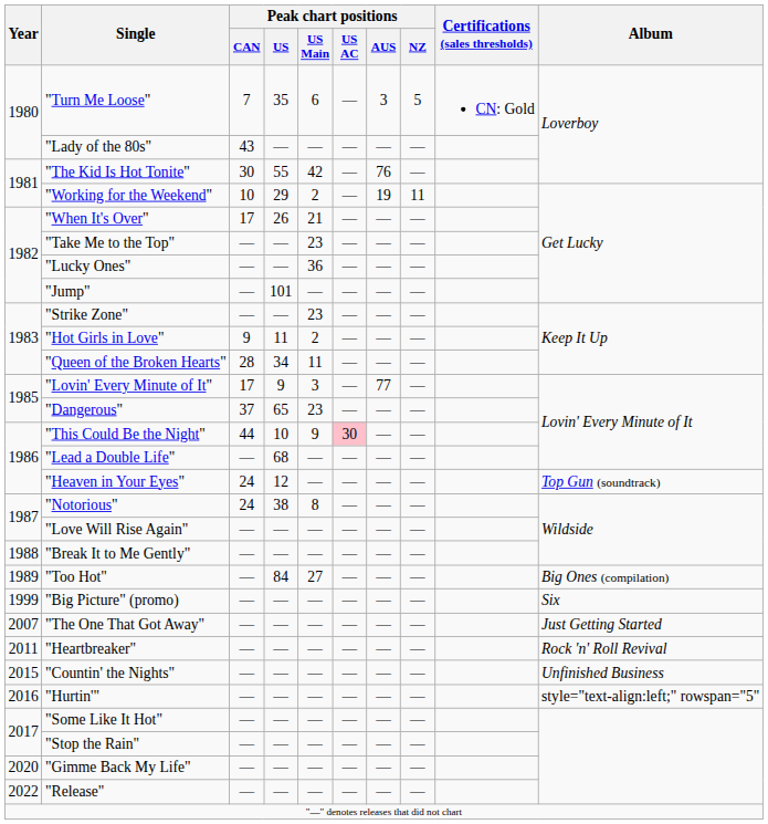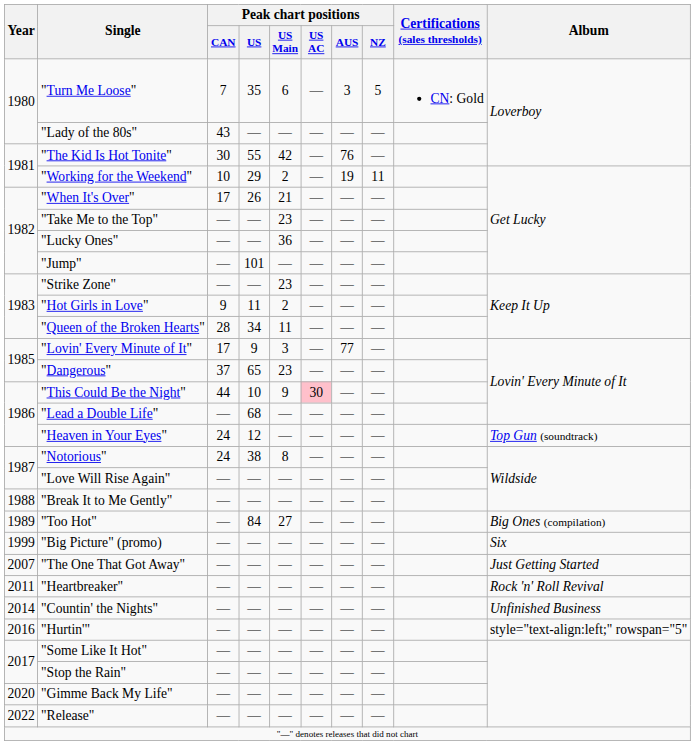 <table class="wikitable" style="text-align:center;">
 <tr>
 <th rowspan="2">Year</th>
 <th rowspan="2">Single</th>
 <th colspan="6">Peak chart positions</th>
 <th rowspan="2"><a href='#'>Certifications</a><br><small><a href='#'>(sales thresholds)</a></small></th>
 <th rowspan="2">Album</th>
 </tr>
 <tr style="font-size:smaller;">
 <th style="width:30px;"><a href='#'>CAN</a><br></th>
 <th style="width:30px;"><a href='#'>US</a><br></th>
 <th style="width:30px;"><a href='#'>US Main</a><br></th>
 <th style="width:30px;"><a href='#'>US AC</a><br></th>
 <th style="width:30px;"><a href='#'>AUS</a><br></th>
 <th style="width:30px;"><a href='#'>NZ</a><br></th>
 </tr>
 <tr>
 <td rowspan=2>1980</td>
 <td style="text-align:left;">"<a href='#'>Turn Me Loose</a>"</td>
 <td>7</td>
 <td>35</td>
 <td>6</td>
 <td>—</td>
 <td>3</td>
 <td>5</td>
 <td><br><ul><li><a href='#'>CN</a>: Gold</li></ul></td>
 <td style="text-align:left;" rowspan="3"><em>Loverboy</em></td>
 </tr>
 <tr>
 <td style="text-align:left;">"Lady of the 80s"</td>
 <td>43</td>
 <td>—</td>
 <td>—</td>
 <td>—</td>
 <td>—</td>
 <td>—</td>
 <td></td>
 </tr>
 <tr>
 <td rowspan=2>1981</td>
 <td style="text-align:left;">"<a href='#'>The Kid Is Hot Tonite</a>"</td>
 <td>30</td>
 <td>55</td>
 <td>42</td>
 <td>—</td>
 <td>76</td>
 <td>—</td>
 <td></td>
 </tr>
 <tr>
 <td style="text-align:left;">"<a href='#'>Working for the Weekend</a>"</td>
 <td>10</td>
 <td>29</td>
 <td>2</td>
 <td>—</td>
 <td>19</td>
 <td>11</td>
 <td></td>
 <td style="text-align:left;" rowspan="5"><em>Get Lucky</em></td>
 </tr>
 <tr>
 <td rowspan="4">1982</td>
 <td style="text-align:left;">"<a href='#'>When It's Over</a>"</td>
 <td>17</td>
 <td>26</td>
 <td>21</td>
 <td>—</td>
 <td>—</td>
 <td>—</td>
 <td></td>
 </tr>
 <tr>
 <td style="text-align:left;">"Take Me to the Top"</td>
 <td>—</td>
 <td>—</td>
 <td>23</td>
 <td>—</td>
 <td>—</td>
 <td>—</td>
 <td></td>
 </tr>
 <tr>
 <td style="text-align:left;">"Lucky Ones"</td>
 <td>—</td>
 <td>—</td>
 <td>36</td>
 <td>—</td>
 <td>—</td>
 <td>—</td>
 <td></td>
 </tr>
 <tr>
 <td style="text-align:left;">"Jump"</td>
 <td>—</td>
 <td>101</td>
 <td>—</td>
 <td>—</td>
 <td>—</td>
 <td>—</td>
 <td></td>
 </tr>
 <tr>
 <td rowspan="3">1983</td>
 <td style="text-align:left;">"Strike Zone"</td>
 <td>—</td>
 <td>—</td>
 <td>23</td>
 <td>—</td>
 <td>—</td>
 <td>—</td>
 <td></td>
 <td style="text-align:left;" rowspan="3"><em>Keep It Up</em></td>
 </tr>
 <tr>
 <td style="text-align:left;">"<a href='#'>Hot Girls in Love</a>"</td>
 <td>9</td>
 <td>11</td>
 <td>2</td>
 <td>—</td>
 <td>—</td>
 <td>—</td>
 </tr>
 <tr>
 <td style="text-align:left;">"<a href='#'>Queen of the Broken Hearts</a>"</td>
 <td>28</td>
 <td>34</td>
 <td>11</td>
 <td>—</td>
 <td>—</td>
 <td>—</td>
 <td></td>
 </tr>
 <tr>
 <td rowspan="2">1985</td>
 <td style="text-align:left;">"<a href='#'>Lovin' Every Minute of It</a>"</td>
 <td>17</td>
 <td>9</td>
 <td>3</td>
 <td>—</td>
 <td>77</td>
 <td>—</td>
 <td></td>
 <td style="text-align:left;" rowspan="4"><em>Lovin' Every Minute of It</em></td>
 </tr>
 <tr>
 <td style="text-align:left;">"<a href='#'>Dangerous</a>"</td>
 <td>37</td>
 <td>65</td>
 <td>23</td>
 <td>—</td>
 <td>—</td>
 <td>—</td>
 <td></td>
 </tr>
 <tr>
 <td rowspan="3">1986</td>
 <td style="text-align:left;">"<a href='#'>This Could Be the Night</a>"</td>
 <td>44</td>
 <td>10</td>
 <td>9</td>
 <td style="background: pink;">30</td>
 <td>—</td>
 <td>—</td>
 <td></td>
 </tr>
 <tr>
 <td style="text-align:left;">"<a href='#'>Lead a Double Life</a>"</td>
 <td>—</td>
 <td>68</td>
 <td>—</td>
 <td>—</td>
 <td>—</td>
 <td>—</td>
 <td></td>
 </tr>
 <tr>
 <td style="text-align:left;">"<a href='#'>Heaven in Your Eyes</a>"</td>
 <td>24</td>
 <td>12</td>
 <td>—</td>
 <td>—</td>
 <td>—</td>
 <td>—</td>
 <td></td>
 <td style="text-align:left;"><em><a href='#'>Top Gun</a></em> <small>(soundtrack)</small></td>
 </tr>
 <tr>
 <td rowspan="2">1987</td>
 <td style="text-align:left;">"<a href='#'>Notorious</a>"</td>
 <td>24</td>
 <td>38</td>
 <td>8</td>
 <td>—</td>
 <td>—</td>
 <td>—</td>
 <td></td>
 <td style="text-align:left;" rowspan="3"><em>Wildside</em></td>
 </tr>
 <tr>
 <td style="text-align:left;">"Love Will Rise Again"</td>
 <td>—</td>
 <td>—</td>
 <td>—</td>
 <td>—</td>
 <td>—</td>
 <td>—</td>
 </tr>
 <tr>
 <td>1988</td>
 <td style="text-align:left;">"Break It to Me Gently"</td>
 <td>—</td>
 <td>—</td>
 <td>—</td>
 <td>—</td>
 <td>—</td>
 <td>—</td>
 <td></td>
 </tr>
 <tr>
 <td>1989</td>
 <td style="text-align:left;">"Too Hot"</td>
 <td>—</td>
 <td>84</td>
 <td>27</td>
 <td>—</td>
 <td>—</td>
 <td>—</td>
 <td></td>
 <td style="text-align:left;"><em>Big Ones</em> <small>(compilation)</small></td>
 </tr>
 <tr>
 <td>1999</td>
 <td style="text-align:left;">"Big Picture" (promo)</td>
 <td>—</td>
 <td>—</td>
 <td>—</td>
 <td>—</td>
 <td>—</td>
 <td>—</td>
 <td></td>
 <td style="text-align:left;"><em>Six</em></td>
 </tr>
 <tr>
 <td>2007</td>
 <td style="text-align:left;">"The One That Got Away"</td>
 <td>—</td>
 <td>—</td>
 <td>—</td>
 <td>—</td>
 <td>—</td>
 <td>—</td>
 <td></td>
 <td style="text-align:left;"><em>Just Getting Started</em></td>
 </tr>
 <tr>
 <td>2011</td>
 <td style="text-align:left;">"Heartbreaker"</td>
 <td>—</td>
 <td>—</td>
 <td>—</td>
 <td>—</td>
 <td>—</td>
 <td>—</td>
 <td></td>
 <td style="text-align:left;"><em>Rock 'n' Roll Revival</em></td>
 </tr>
 <tr>
-<td>2015</td>
+<td>2014</td>
 <td style="text-align:left;">"Countin' the Nights"</td>
 <td>—</td>
 <td>—</td>
 <td>—</td>
 <td>—</td>
 <td>—</td>
 <td>—</td>
 <td></td>
 <td style="text-align:left;"><em>Unfinished Business</em></td>
 </tr>
 <tr>
 <td>2016</td>
 <td style="text-align:left;">"Hurtin'"</td>
 <td>—</td>
 <td>—</td>
 <td>—</td>
 <td>—</td>
 <td>—</td>
 <td>—</td>
 <td></td>
 <td>style="text-align:left;" rowspan="5" </td>
 </tr>
 <tr>
 <td rowspan="2">2017</td>
 <td style="text-align:left;">"Some Like It Hot"</td>
 <td>—</td>
 <td>—</td>
 <td>—</td>
 <td>—</td>
 <td>—</td>
 <td>—</td>
 <td></td>
 </tr>
 <tr>
 <td style="text-align:left;">"Stop the Rain"</td>
 <td>—</td>
 <td>—</td>
 <td>—</td>
 <td>—</td>
 <td>—</td>
 <td>—</td>
 <td></td>
 </tr>
 <tr>
 <td>2020</td>
 <td style="text-align:left;">"Gimme Back My Life"</td>
 <td>—</td>
 <td>—</td>
 <td>—</td>
 <td>—</td>
 <td>—</td>
 <td>—</td>
 <td></td>
 </tr>
 <tr>
 <td>2022</td>
 <td style="text-align:left;">"Release"</td>
 <td>—</td>
 <td>—</td>
 <td>—</td>
 <td>—</td>
 <td>—</td>
 <td>—</td>
 <td></td>
 </tr>
 <tr>
 <td colspan="15" style="font-size:8pt">"—" denotes releases that did not chart</td>
 </tr>
 </table>
